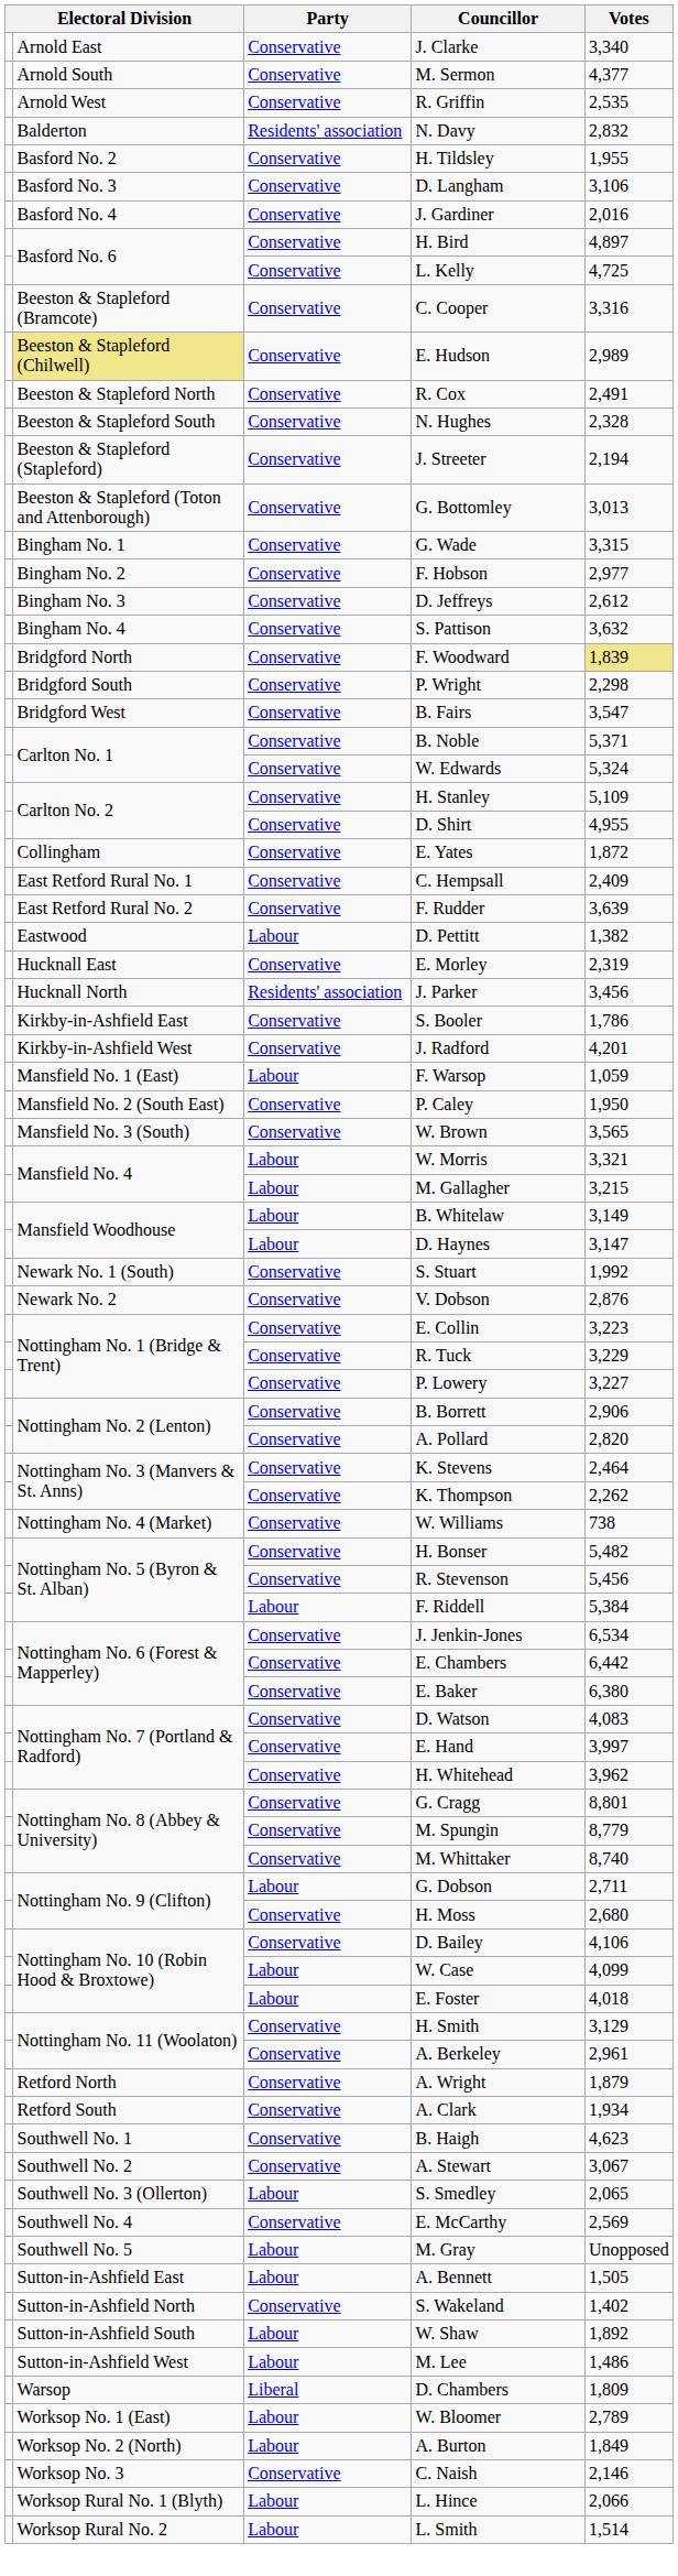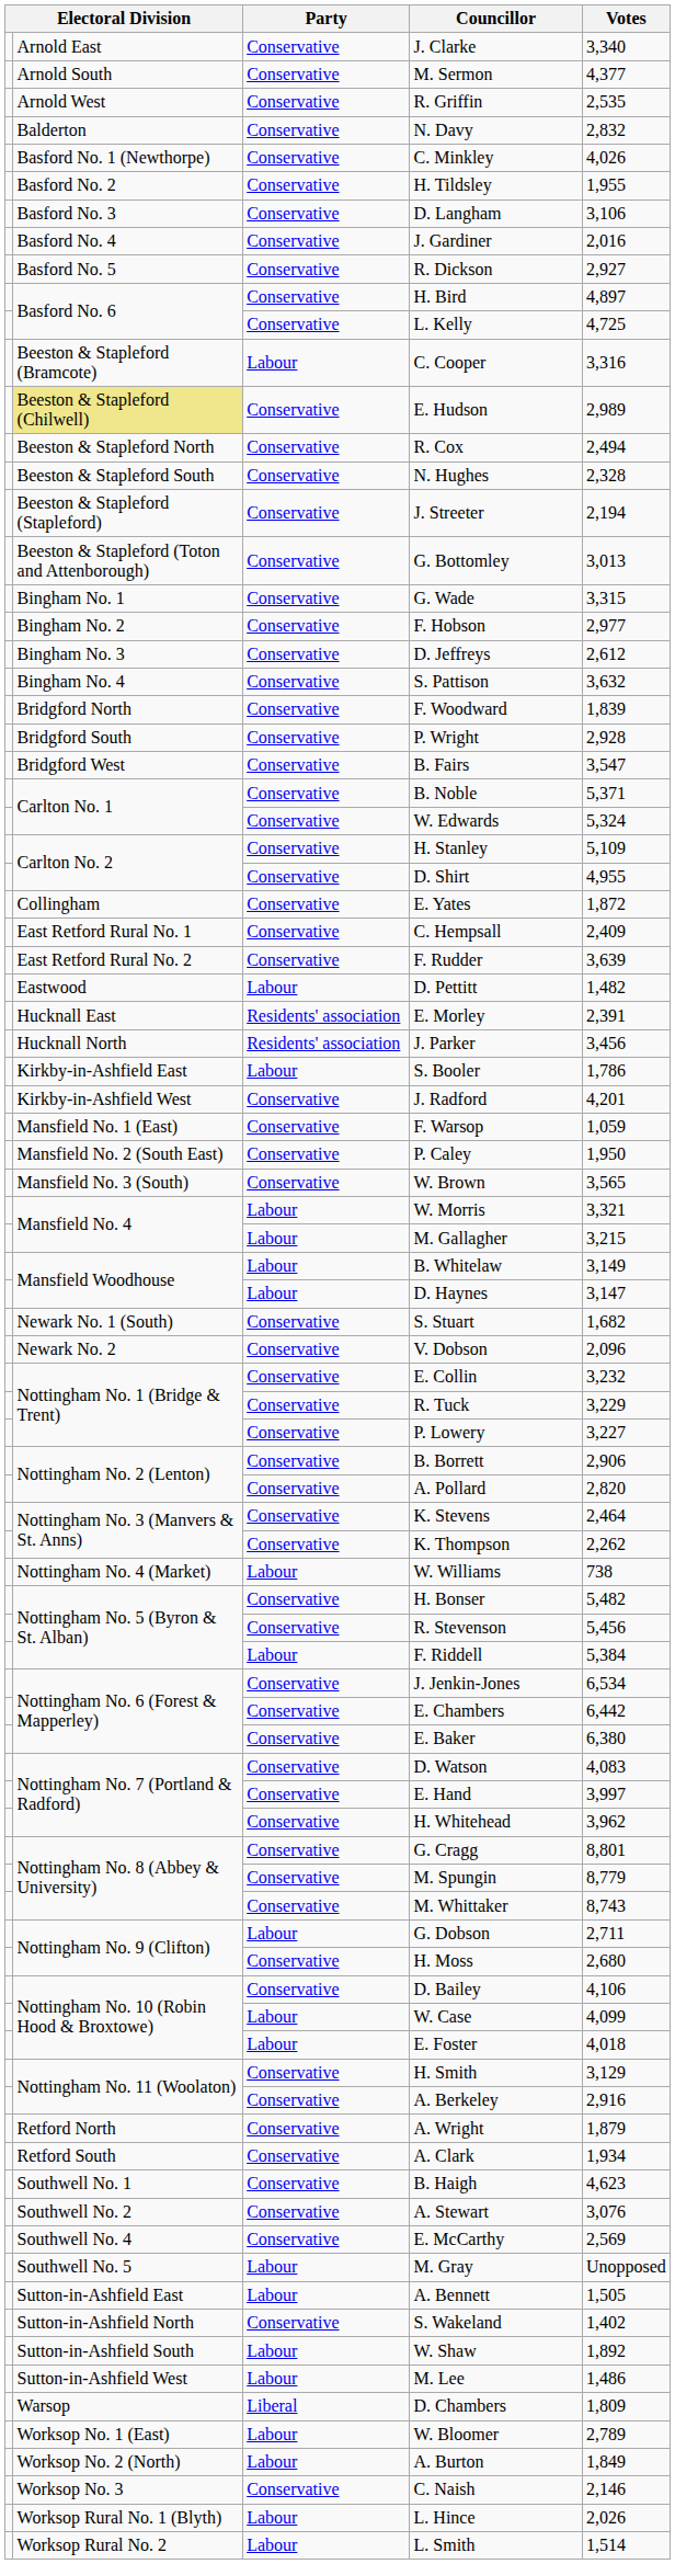 <table class="wikitable">
 <tr>
 <th colspan="2">Electoral Division</th>
 <th width="145px">Party</th>
 <th width="150px">Councillor</th>
 <th width="60px">Votes</th>
 </tr>
 <tr>
 <td style="color:inherit;background:"></td>
 <td>Arnold East</td>
 <td><a href='#'>Conservative</a></td>
 <td>J. Clarke</td>
 <td>3,340</td>
 </tr>
 <tr>
 <td style="color:inherit;background:"></td>
 <td>Arnold South</td>
 <td><a href='#'>Conservative</a></td>
 <td>M. Sermon</td>
 <td>4,377</td>
 </tr>
 <tr>
 <td style="color:inherit;background:"></td>
 <td>Arnold West</td>
 <td><a href='#'>Conservative</a></td>
 <td>R. Griffin</td>
 <td>2,535</td>
 </tr>
 <tr>
 <td style="color:inherit;background:"></td>
 <td>Balderton</td>
-<td><a href='#'>Residents' association</a></td>
+<td><a href='#'>Conservative</a></td>
 <td>N. Davy</td>
 <td>2,832</td>
+</tr>
+<tr>
+<td style="color:inherit;background:"></td>
+<td>Basford No. 1 (Newthorpe)</td>
+<td><a href='#'>Conservative</a></td>
+<td>C. Minkley</td>
+<td>4,026</td>
 </tr>
 <tr>
 <td style="color:inherit;background:"></td>
 <td>Basford No. 2</td>
 <td><a href='#'>Conservative</a></td>
 <td>H. Tildsley</td>
 <td>1,955</td>
 </tr>
 <tr>
 <td style="color:inherit;background:"></td>
 <td>Basford No. 3</td>
 <td><a href='#'>Conservative</a></td>
 <td>D. Langham</td>
 <td>3,106</td>
 </tr>
 <tr>
 <td style="color:inherit;background:"></td>
 <td>Basford No. 4</td>
 <td><a href='#'>Conservative</a></td>
 <td>J. Gardiner</td>
 <td>2,016</td>
 </tr>
 <tr>
 <td style="color:inherit;background:"></td>
+<td>Basford No. 5</td>
+<td><a href='#'>Conservative</a></td>
+<td>R. Dickson</td>
+<td>2,927</td>
+</tr>
+<tr>
+<td style="color:inherit;background:"></td>
 <td rowspan="2">Basford No. 6</td>
 <td><a href='#'>Conservative</a></td>
 <td>H. Bird</td>
 <td>4,897</td>
 </tr>
 <tr>
 <td style="color:inherit;background:"></td>
 <td><a href='#'>Conservative</a></td>
 <td>L. Kelly</td>
 <td>4,725</td>
 </tr>
 <tr>
 <td style="color:inherit;background:"></td>
 <td>Beeston & Stapleford (Bramcote)</td>
-<td><a href='#'>Conservative</a></td>
+<td><a href='#'>Labour</a></td>
 <td>C. Cooper</td>
 <td>3,316</td>
 </tr>
 <tr>
 <td style="color:inherit;background:"></td>
 <td style="background: khaki;">Beeston & Stapleford (Chilwell)</td>
 <td><a href='#'>Conservative</a></td>
 <td>E. Hudson</td>
 <td>2,989</td>
 </tr>
 <tr>
 <td style="color:inherit;background:"></td>
 <td>Beeston & Stapleford North</td>
 <td><a href='#'>Conservative</a></td>
 <td>R. Cox</td>
-<td>2,491</td>
+<td>2,494</td>
 </tr>
 <tr>
 <td style="color:inherit;background:"></td>
 <td>Beeston & Stapleford South</td>
 <td><a href='#'>Conservative</a></td>
 <td>N. Hughes</td>
 <td>2,328</td>
 </tr>
 <tr>
 <td style="color:inherit;background:"></td>
 <td>Beeston & Stapleford (Stapleford)</td>
 <td><a href='#'>Conservative</a></td>
 <td>J. Streeter</td>
 <td>2,194</td>
 </tr>
 <tr>
 <td style="color:inherit;background:"></td>
 <td>Beeston & Stapleford (Toton and Attenborough)</td>
 <td><a href='#'>Conservative</a></td>
 <td>G. Bottomley</td>
 <td>3,013</td>
 </tr>
 <tr>
 <td style="color:inherit;background:"></td>
 <td>Bingham No. 1</td>
 <td><a href='#'>Conservative</a></td>
 <td>G. Wade</td>
 <td>3,315</td>
 </tr>
 <tr>
 <td style="color:inherit;background:"></td>
 <td>Bingham No. 2</td>
 <td><a href='#'>Conservative</a></td>
 <td>F. Hobson</td>
 <td>2,977</td>
 </tr>
 <tr>
 <td style="color:inherit;background:"></td>
 <td>Bingham No. 3</td>
 <td><a href='#'>Conservative</a></td>
 <td>D. Jeffreys</td>
 <td>2,612</td>
 </tr>
 <tr>
 <td style="color:inherit;background:"></td>
 <td>Bingham No. 4</td>
 <td><a href='#'>Conservative</a></td>
 <td>S. Pattison</td>
 <td>3,632</td>
 </tr>
 <tr>
 <td style="color:inherit;background:"></td>
 <td>Bridgford North</td>
 <td><a href='#'>Conservative</a></td>
 <td>F. Woodward</td>
-<td style="background: khaki;">1,839</td>
+<td>1,839</td>
 </tr>
 <tr>
 <td style="color:inherit;background:"></td>
 <td>Bridgford South</td>
 <td><a href='#'>Conservative</a></td>
 <td>P. Wright</td>
-<td>2,298</td>
+<td>2,928</td>
 </tr>
 <tr>
 <td style="color:inherit;background:"></td>
 <td>Bridgford West</td>
 <td><a href='#'>Conservative</a></td>
 <td>B. Fairs</td>
 <td>3,547</td>
 </tr>
 <tr>
 <td style="color:inherit;background:"></td>
 <td rowspan="2">Carlton No. 1</td>
 <td><a href='#'>Conservative</a></td>
 <td>B. Noble</td>
 <td>5,371</td>
 </tr>
 <tr>
 <td style="color:inherit;background:"></td>
 <td><a href='#'>Conservative</a></td>
 <td>W. Edwards</td>
 <td>5,324</td>
 </tr>
 <tr>
 <td style="color:inherit;background:"></td>
 <td rowspan="2">Carlton No. 2</td>
 <td><a href='#'>Conservative</a></td>
 <td>H. Stanley</td>
 <td>5,109</td>
 </tr>
 <tr>
 <td style="color:inherit;background:"></td>
 <td><a href='#'>Conservative</a></td>
 <td>D. Shirt</td>
 <td>4,955</td>
 </tr>
 <tr>
 <td style="color:inherit;background:"></td>
 <td>Collingham</td>
 <td><a href='#'>Conservative</a></td>
 <td>E. Yates</td>
 <td>1,872</td>
 </tr>
 <tr>
 <td style="color:inherit;background:"></td>
 <td>East Retford Rural No. 1</td>
 <td><a href='#'>Conservative</a></td>
 <td>C. Hempsall</td>
 <td>2,409</td>
 </tr>
 <tr>
 <td style="color:inherit;background:"></td>
 <td>East Retford Rural No. 2</td>
 <td><a href='#'>Conservative</a></td>
 <td>F. Rudder</td>
 <td>3,639</td>
 </tr>
 <tr>
 <td style="color:inherit;background:"></td>
 <td>Eastwood</td>
 <td><a href='#'>Labour</a></td>
 <td>D. Pettitt</td>
-<td>1,382</td>
+<td>1,482</td>
 </tr>
 <tr>
 <td style="color:inherit;background:"></td>
 <td>Hucknall East</td>
-<td><a href='#'>Conservative</a></td>
+<td><a href='#'>Residents' association</a></td>
 <td>E. Morley</td>
-<td>2,319</td>
+<td>2,391</td>
 </tr>
 <tr>
 <td style="color:inherit;background:"></td>
 <td>Hucknall North</td>
 <td><a href='#'>Residents' association</a></td>
 <td>J. Parker</td>
 <td>3,456</td>
 </tr>
 <tr>
 <td style="color:inherit;background:"></td>
 <td>Kirkby-in-Ashfield East</td>
-<td><a href='#'>Conservative</a></td>
+<td><a href='#'>Labour</a></td>
 <td>S. Booler</td>
 <td>1,786</td>
 </tr>
 <tr>
 <td style="color:inherit;background:"></td>
 <td>Kirkby-in-Ashfield West</td>
 <td><a href='#'>Conservative</a></td>
 <td>J. Radford</td>
 <td>4,201</td>
 </tr>
 <tr>
 <td style="color:inherit;background:"></td>
 <td>Mansfield No. 1 (East)</td>
-<td><a href='#'>Labour</a></td>
+<td><a href='#'>Conservative</a></td>
 <td>F. Warsop</td>
 <td>1,059</td>
 </tr>
 <tr>
 <td style="color:inherit;background:"></td>
 <td>Mansfield No. 2 (South East)</td>
 <td><a href='#'>Conservative</a></td>
 <td>P. Caley</td>
 <td>1,950</td>
 </tr>
 <tr>
 <td style="color:inherit;background:"></td>
 <td>Mansfield No. 3 (South)</td>
 <td><a href='#'>Conservative</a></td>
 <td>W. Brown</td>
 <td>3,565</td>
 </tr>
 <tr>
 <td style="color:inherit;background:"></td>
 <td rowspan="2">Mansfield No. 4</td>
 <td><a href='#'>Labour</a></td>
 <td>W. Morris</td>
 <td>3,321</td>
 </tr>
 <tr>
 <td style="color:inherit;background:"></td>
 <td><a href='#'>Labour</a></td>
 <td>M. Gallagher</td>
 <td>3,215</td>
 </tr>
 <tr>
 <td style="color:inherit;background:"></td>
 <td rowspan="2">Mansfield Woodhouse</td>
 <td><a href='#'>Labour</a></td>
 <td>B. Whitelaw</td>
 <td>3,149</td>
 </tr>
 <tr>
 <td style="color:inherit;background:"></td>
 <td><a href='#'>Labour</a></td>
 <td>D. Haynes</td>
 <td>3,147</td>
 </tr>
 <tr>
 <td style="color:inherit;background:"></td>
 <td>Newark No. 1 (South)</td>
 <td><a href='#'>Conservative</a></td>
 <td>S. Stuart</td>
-<td>1,992</td>
+<td>1,682</td>
 </tr>
 <tr>
 <td style="color:inherit;background:"></td>
 <td>Newark No. 2</td>
 <td><a href='#'>Conservative</a></td>
 <td>V. Dobson</td>
-<td>2,876</td>
+<td>2,096</td>
 </tr>
 <tr>
 <td style="color:inherit;background:"></td>
 <td rowspan="3">Nottingham No. 1 (Bridge & Trent)</td>
 <td><a href='#'>Conservative</a></td>
 <td>E. Collin</td>
-<td>3,223</td>
+<td>3,232</td>
 </tr>
 <tr>
 <td style="color:inherit;background:"></td>
 <td><a href='#'>Conservative</a></td>
 <td>R. Tuck</td>
 <td>3,229</td>
 </tr>
 <tr>
 <td style="color:inherit;background:"></td>
 <td><a href='#'>Conservative</a></td>
 <td>P. Lowery</td>
 <td>3,227</td>
 </tr>
 <tr>
 <td style="color:inherit;background:"></td>
 <td rowspan="2">Nottingham No. 2 (Lenton)</td>
 <td><a href='#'>Conservative</a></td>
 <td>B. Borrett</td>
 <td>2,906</td>
 </tr>
 <tr>
 <td style="color:inherit;background:"></td>
 <td><a href='#'>Conservative</a></td>
 <td>A. Pollard</td>
 <td>2,820</td>
 </tr>
 <tr>
 <td style="color:inherit;background:"></td>
 <td rowspan="2">Nottingham No. 3 (Manvers & St. Anns)</td>
 <td><a href='#'>Conservative</a></td>
 <td>K. Stevens</td>
 <td>2,464</td>
 </tr>
 <tr>
 <td style="color:inherit;background:"></td>
 <td><a href='#'>Conservative</a></td>
 <td>K. Thompson</td>
 <td>2,262</td>
 </tr>
 <tr>
 <td style="color:inherit;background:"></td>
 <td>Nottingham No. 4 (Market)</td>
-<td><a href='#'>Conservative</a></td>
+<td><a href='#'>Labour</a></td>
 <td>W. Williams</td>
 <td>738</td>
 </tr>
 <tr>
 <td style="color:inherit;background:"></td>
 <td rowspan="3">Nottingham No. 5 (Byron & St. Alban)</td>
 <td><a href='#'>Conservative</a></td>
 <td>H. Bonser</td>
 <td>5,482</td>
 </tr>
 <tr>
 <td style="color:inherit;background:"></td>
 <td><a href='#'>Conservative</a></td>
 <td>R. Stevenson</td>
 <td>5,456</td>
 </tr>
 <tr>
 <td style="color:inherit;background:"></td>
 <td><a href='#'>Labour</a></td>
 <td>F. Riddell</td>
 <td>5,384</td>
 </tr>
 <tr>
 <td style="color:inherit;background:"></td>
 <td rowspan="3">Nottingham No. 6 (Forest & Mapperley)</td>
 <td><a href='#'>Conservative</a></td>
 <td>J. Jenkin-Jones</td>
 <td>6,534</td>
 </tr>
 <tr>
 <td style="color:inherit;background:"></td>
 <td><a href='#'>Conservative</a></td>
 <td>E. Chambers</td>
 <td>6,442</td>
 </tr>
 <tr>
 <td style="color:inherit;background:"></td>
 <td><a href='#'>Conservative</a></td>
 <td>E. Baker</td>
 <td>6,380</td>
 </tr>
 <tr>
 <td style="color:inherit;background:"></td>
 <td rowspan="3">Nottingham No. 7 (Portland & Radford)</td>
 <td><a href='#'>Conservative</a></td>
 <td>D. Watson</td>
 <td>4,083</td>
 </tr>
 <tr>
 <td style="color:inherit;background:"></td>
 <td><a href='#'>Conservative</a></td>
 <td>E. Hand</td>
 <td>3,997</td>
 </tr>
 <tr>
 <td style="color:inherit;background:"></td>
 <td><a href='#'>Conservative</a></td>
 <td>H. Whitehead</td>
 <td>3,962</td>
 </tr>
 <tr>
 <td style="color:inherit;background:"></td>
 <td rowspan="3">Nottingham No. 8 (Abbey & University)</td>
 <td><a href='#'>Conservative</a></td>
 <td>G. Cragg</td>
 <td>8,801</td>
 </tr>
 <tr>
 <td style="color:inherit;background:"></td>
 <td><a href='#'>Conservative</a></td>
 <td>M. Spungin</td>
 <td>8,779</td>
 </tr>
 <tr>
 <td style="color:inherit;background:"></td>
 <td><a href='#'>Conservative</a></td>
 <td>M. Whittaker</td>
-<td>8,740</td>
+<td>8,743</td>
 </tr>
 <tr>
 <td style="color:inherit;background:"></td>
 <td rowspan="2">Nottingham No. 9 (Clifton)</td>
 <td><a href='#'>Labour</a></td>
 <td>G. Dobson</td>
 <td>2,711</td>
 </tr>
 <tr>
 <td style="color:inherit;background:"></td>
 <td><a href='#'>Conservative</a></td>
 <td>H. Moss</td>
 <td>2,680</td>
 </tr>
 <tr>
 <td style="color:inherit;background:"></td>
 <td rowspan="3">Nottingham No. 10 (Robin Hood & Broxtowe)</td>
 <td><a href='#'>Conservative</a></td>
 <td>D. Bailey</td>
 <td>4,106</td>
 </tr>
 <tr>
 <td style="color:inherit;background:"></td>
 <td><a href='#'>Labour</a></td>
 <td>W. Case</td>
 <td>4,099</td>
 </tr>
 <tr>
 <td style="color:inherit;background:"></td>
 <td><a href='#'>Labour</a></td>
 <td>E. Foster</td>
 <td>4,018</td>
 </tr>
 <tr>
 <td style="color:inherit;background:"></td>
 <td rowspan="2">Nottingham No. 11 (Woolaton)</td>
 <td><a href='#'>Conservative</a></td>
 <td>H. Smith</td>
 <td>3,129</td>
 </tr>
 <tr>
 <td style="color:inherit;background:"></td>
 <td><a href='#'>Conservative</a></td>
 <td>A. Berkeley</td>
-<td>2,961</td>
+<td>2,916</td>
 </tr>
 <tr>
 <td style="color:inherit;background:"></td>
 <td>Retford North</td>
 <td><a href='#'>Conservative</a></td>
 <td>A. Wright</td>
 <td>1,879</td>
 </tr>
 <tr>
 <td style="color:inherit;background:"></td>
 <td>Retford South</td>
 <td><a href='#'>Conservative</a></td>
 <td>A. Clark</td>
 <td>1,934</td>
 </tr>
 <tr>
 <td style="color:inherit;background:"></td>
 <td>Southwell No. 1</td>
 <td><a href='#'>Conservative</a></td>
 <td>B. Haigh</td>
 <td>4,623</td>
 </tr>
 <tr>
 <td style="color:inherit;background:"></td>
 <td>Southwell No. 2</td>
 <td><a href='#'>Conservative</a></td>
 <td>A. Stewart</td>
-<td>3,067</td>
-</tr>
-<tr>
-<td style="color:inherit;background:"></td>
-<td>Southwell No. 3 (Ollerton)</td>
-<td><a href='#'>Labour</a></td>
-<td>S. Smedley</td>
-<td>2,065</td>
+<td>3,076</td>
 </tr>
 <tr>
 <td style="color:inherit;background:"></td>
 <td>Southwell No. 4</td>
 <td><a href='#'>Conservative</a></td>
 <td>E. McCarthy</td>
 <td>2,569</td>
 </tr>
 <tr>
 <td style="color:inherit;background:"></td>
 <td>Southwell No. 5</td>
 <td><a href='#'>Labour</a></td>
 <td>M. Gray</td>
 <td>Unopposed</td>
 </tr>
 <tr>
 <td style="color:inherit;background:"></td>
 <td>Sutton-in-Ashfield East</td>
 <td><a href='#'>Labour</a></td>
 <td>A. Bennett</td>
 <td>1,505</td>
 </tr>
 <tr>
 <td style="color:inherit;background:"></td>
 <td>Sutton-in-Ashfield North</td>
 <td><a href='#'>Conservative</a></td>
 <td>S. Wakeland</td>
 <td>1,402</td>
 </tr>
 <tr>
 <td style="color:inherit;background:"></td>
 <td>Sutton-in-Ashfield South</td>
 <td><a href='#'>Labour</a></td>
 <td>W. Shaw</td>
 <td>1,892</td>
 </tr>
 <tr>
 <td style="color:inherit;background:"></td>
 <td>Sutton-in-Ashfield West</td>
 <td><a href='#'>Labour</a></td>
 <td>M. Lee</td>
 <td>1,486</td>
 </tr>
 <tr>
 <td style="color:inherit;background:"></td>
 <td>Warsop</td>
 <td><a href='#'>Liberal</a></td>
 <td>D. Chambers</td>
 <td>1,809</td>
 </tr>
 <tr>
 <td style="color:inherit;background:"></td>
 <td>Worksop No. 1 (East)</td>
 <td><a href='#'>Labour</a></td>
 <td>W. Bloomer</td>
 <td>2,789</td>
 </tr>
 <tr>
 <td style="color:inherit;background:"></td>
 <td>Worksop No. 2 (North)</td>
 <td><a href='#'>Labour</a></td>
 <td>A. Burton</td>
 <td>1,849</td>
 </tr>
 <tr>
 <td style="color:inherit;background:"></td>
 <td>Worksop No. 3</td>
 <td><a href='#'>Conservative</a></td>
 <td>C. Naish</td>
 <td>2,146</td>
 </tr>
 <tr>
 <td style="color:inherit;background:"></td>
 <td>Worksop Rural No. 1 (Blyth)</td>
 <td><a href='#'>Labour</a></td>
 <td>L. Hince</td>
-<td>2,066</td>
+<td>2,026</td>
 </tr>
 <tr>
 <td style="color:inherit;background:"></td>
 <td>Worksop Rural No. 2</td>
 <td><a href='#'>Labour</a></td>
 <td>L. Smith</td>
 <td>1,514</td>
 </tr>
 </table>
